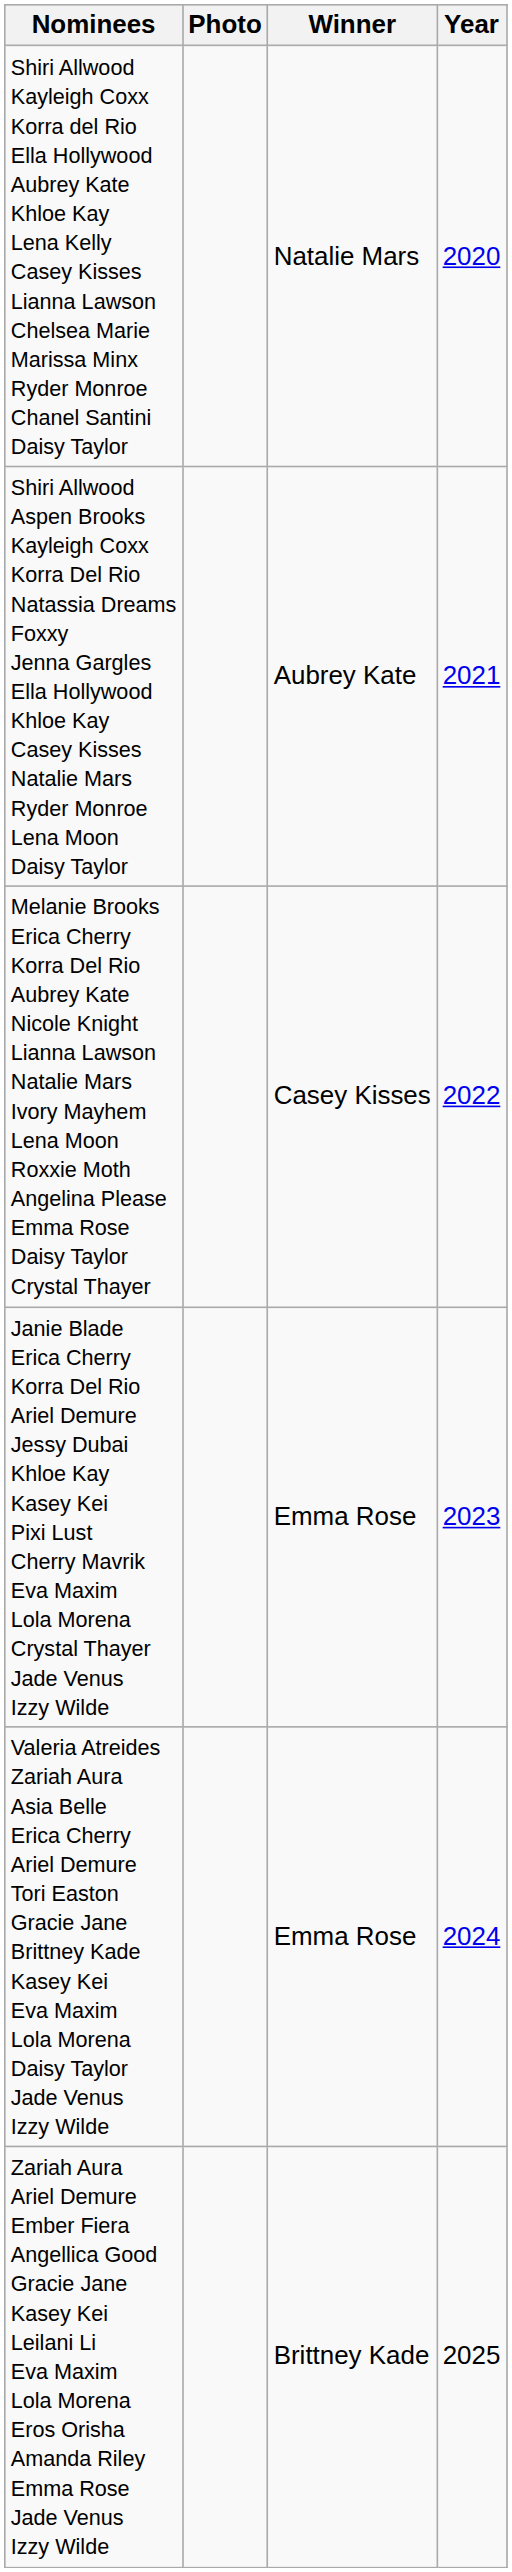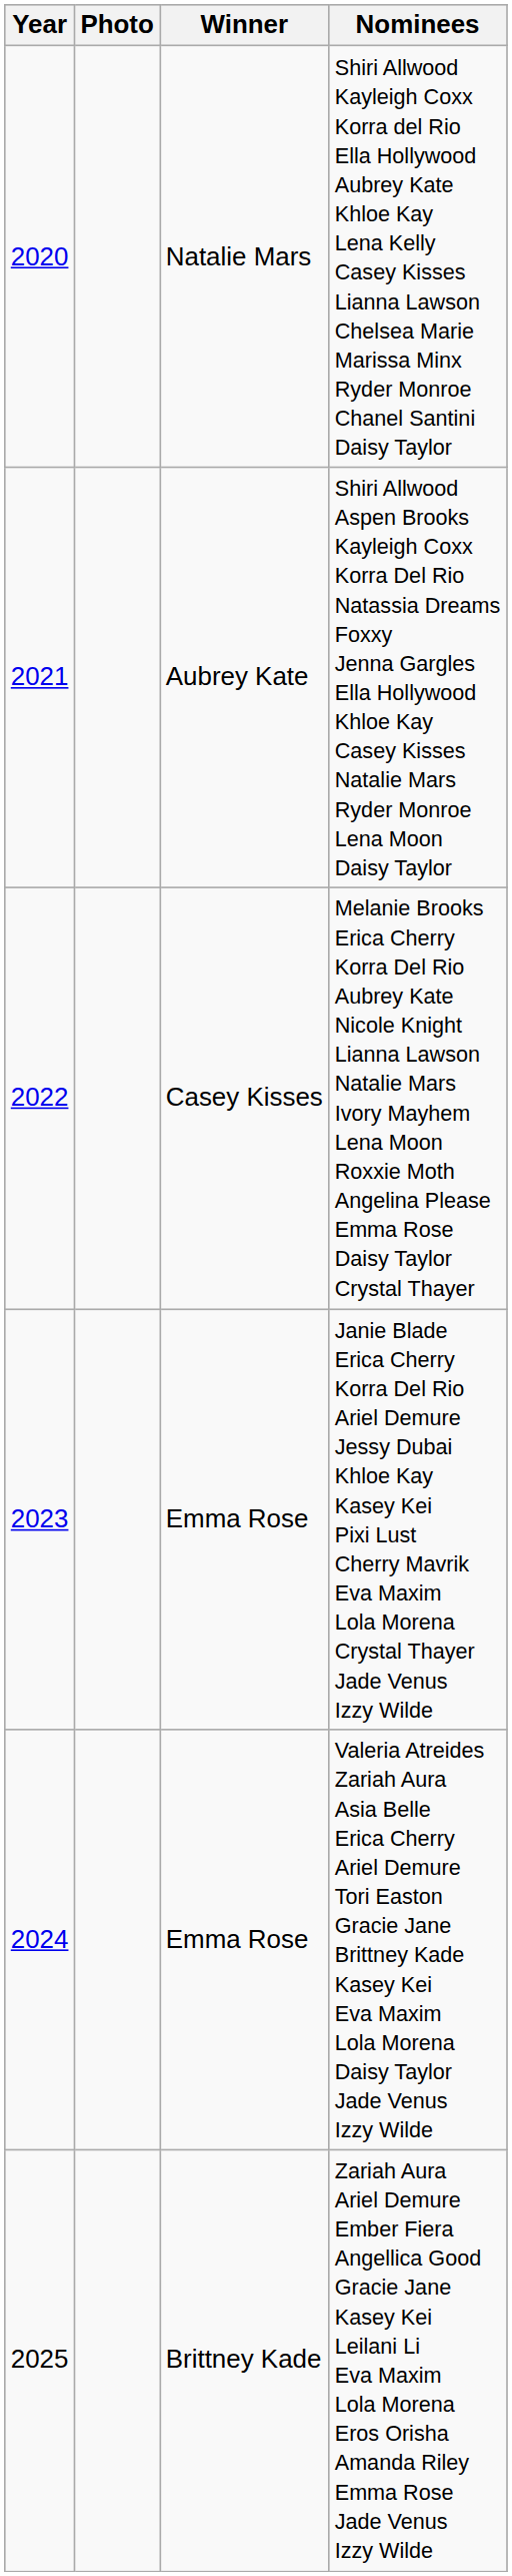 <table class="wikitable sortable">
 <tr>
-<th>Nominees</th>
+<th>Year</th>
 <th>Photo</th>
 <th>Winner</th>
-<th>Year</th>
+<th>Nominees</th>
 </tr>
 <tr>
-<td><small>Shiri Allwood <br>Kayleigh Coxx <br>Korra del Rio <br>Ella Hollywood <br>Aubrey Kate <br>Khloe Kay <br>Lena Kelly <br>Casey Kisses <br>Lianna Lawson <br>Chelsea Marie <br>Marissa Minx <br>Ryder Monroe <br>Chanel Santini <br>Daisy Taylor</small></td>
+<td><a href='#'>2020</a></td>
 <td></td>
 <td>Natalie Mars</td>
-<td><a href='#'>2020</a></td>
+<td><small>Shiri Allwood <br>Kayleigh Coxx <br>Korra del Rio <br>Ella Hollywood <br>Aubrey Kate <br>Khloe Kay <br>Lena Kelly <br>Casey Kisses <br>Lianna Lawson <br>Chelsea Marie <br>Marissa Minx <br>Ryder Monroe <br>Chanel Santini <br>Daisy Taylor</small></td>
 </tr>
 <tr>
-<td><small>Shiri Allwood <br>Aspen Brooks <br>Kayleigh Coxx <br>Korra Del Rio <br>Natassia Dreams <br>Foxxy <br>Jenna Gargles <br>Ella Hollywood <br>Khloe Kay <br>Casey Kisses <br>Natalie Mars<br>Ryder Monroe <br>Lena Moon <br>Daisy Taylor</small></td>
+<td><a href='#'>2021</a></td>
 <td></td>
 <td>Aubrey Kate</td>
-<td><a href='#'>2021</a></td>
+<td><small>Shiri Allwood <br>Aspen Brooks <br>Kayleigh Coxx <br>Korra Del Rio <br>Natassia Dreams <br>Foxxy <br>Jenna Gargles <br>Ella Hollywood <br>Khloe Kay <br>Casey Kisses <br>Natalie Mars<br>Ryder Monroe <br>Lena Moon <br>Daisy Taylor</small></td>
 </tr>
 <tr>
-<td><small>Melanie Brooks<br>Erica Cherry<br>Korra Del Rio<br>Aubrey Kate<br>Nicole Knight<br>Lianna Lawson<br>Natalie Mars<br>Ivory Mayhem<br>Lena Moon<br>Roxxie Moth<br>Angelina Please<br>Emma Rose<br>Daisy Taylor<br>Crystal Thayer</small></td>
+<td><a href='#'>2022</a></td>
 <td></td>
 <td>Casey Kisses</td>
-<td><a href='#'>2022</a></td>
+<td><small>Melanie Brooks<br>Erica Cherry<br>Korra Del Rio<br>Aubrey Kate<br>Nicole Knight<br>Lianna Lawson<br>Natalie Mars<br>Ivory Mayhem<br>Lena Moon<br>Roxxie Moth<br>Angelina Please<br>Emma Rose<br>Daisy Taylor<br>Crystal Thayer</small></td>
 </tr>
 <tr>
-<td><small>Janie Blade<br>Erica Cherry<br>Korra Del Rio<br>Ariel Demure<br>Jessy Dubai<br>Khloe Kay<br>Kasey Kei<br>Pixi Lust<br>Cherry Mavrik<br>Eva Maxim<br>Lola Morena<br>Crystal Thayer<br>Jade Venus<br>Izzy Wilde</small></td>
+<td><a href='#'>2023</a></td>
 <td></td>
 <td>Emma Rose</td>
-<td><a href='#'>2023</a></td>
+<td><small>Janie Blade<br>Erica Cherry<br>Korra Del Rio<br>Ariel Demure<br>Jessy Dubai<br>Khloe Kay<br>Kasey Kei<br>Pixi Lust<br>Cherry Mavrik<br>Eva Maxim<br>Lola Morena<br>Crystal Thayer<br>Jade Venus<br>Izzy Wilde</small></td>
 </tr>
 <tr>
-<td><small>Valeria Atreides<br>Zariah Aura<br>Asia Belle<br>Erica Cherry<br>Ariel Demure<br>Tori Easton<br>Gracie Jane<br>Brittney Kade<br>Kasey Kei<br>Eva Maxim<br>Lola Morena<br>Daisy Taylor<br>Jade Venus<br>Izzy Wilde</small></td>
+<td><a href='#'>2024</a></td>
 <td></td>
 <td>Emma Rose</td>
-<td><a href='#'>2024</a></td>
+<td><small>Valeria Atreides<br>Zariah Aura<br>Asia Belle<br>Erica Cherry<br>Ariel Demure<br>Tori Easton<br>Gracie Jane<br>Brittney Kade<br>Kasey Kei<br>Eva Maxim<br>Lola Morena<br>Daisy Taylor<br>Jade Venus<br>Izzy Wilde</small></td>
 </tr>
 <tr>
-<td><small>Zariah Aura<br>Ariel Demure<br>Ember Fiera<br>Angellica Good<br>Gracie Jane<br>Kasey Kei<br>Leilani Li<br>Eva Maxim<br>Lola Morena<br>Eros Orisha<br>Amanda Riley<br>Emma Rose<br>Jade Venus<br>Izzy Wilde</small></td>
+<td>2025</td>
 <td></td>
 <td>Brittney Kade</td>
-<td>2025</td>
+<td><small>Zariah Aura<br>Ariel Demure<br>Ember Fiera<br>Angellica Good<br>Gracie Jane<br>Kasey Kei<br>Leilani Li<br>Eva Maxim<br>Lola Morena<br>Eros Orisha<br>Amanda Riley<br>Emma Rose<br>Jade Venus<br>Izzy Wilde</small></td>
 </tr>
 </table>
